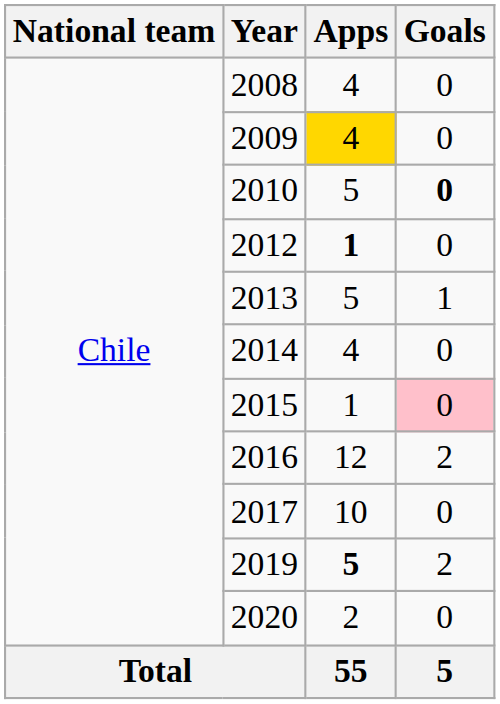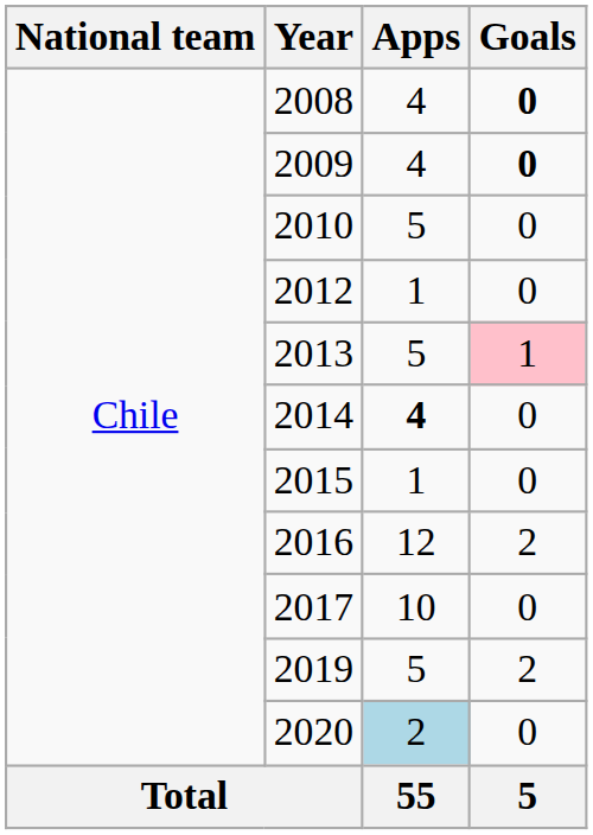 <table class="wikitable" style="text-align:center">
 <tr>
 <th>National team</th>
 <th>Year</th>
 <th>Apps</th>
 <th>Goals</th>
 </tr>
 <tr>
 <td rowspan="11"><a href='#'>Chile</a></td>
 <td>2008</td>
 <td>4</td>
-<td>0</td>
+<td><strong>0</strong></td>
 </tr>
 <tr>
 <td>2009</td>
-<td style="background: gold;">4</td>
-<td>0</td>
+<td>4</td>
+<td><strong>0</strong></td>
 </tr>
 <tr>
 <td>2010</td>
 <td>5</td>
-<td><strong>0</strong></td>
+<td>0</td>
 </tr>
 <tr>
 <td>2012</td>
-<td><strong>1</strong></td>
+<td>1</td>
 <td>0</td>
 </tr>
 <tr>
 <td>2013</td>
 <td>5</td>
-<td>1</td>
+<td style="background: pink;">1</td>
 </tr>
 <tr>
 <td>2014</td>
-<td>4</td>
+<td><strong>4</strong></td>
 <td>0</td>
 </tr>
 <tr>
 <td>2015</td>
 <td>1</td>
-<td style="background: pink;">0</td>
+<td>0</td>
 </tr>
 <tr>
 <td>2016</td>
 <td>12</td>
 <td>2</td>
 </tr>
 <tr>
 <td>2017</td>
 <td>10</td>
 <td>0</td>
 </tr>
 <tr>
 <td>2019</td>
-<td><strong>5</strong></td>
+<td>5</td>
 <td>2</td>
 </tr>
 <tr>
 <td>2020</td>
-<td>2</td>
+<td style="background: lightblue;">2</td>
 <td>0</td>
 </tr>
 <tr>
 <th colspan="2">Total</th>
 <th>55</th>
 <th>5</th>
 </tr>
 </table>
